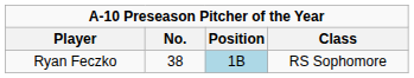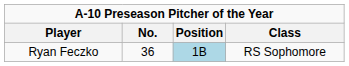 <table class="wikitable" style="text-align:center">
 <tr>
 <td colspan="5"><strong>A-10 Preseason Pitcher of the Year</strong></td>
 </tr>
 <tr>
 <th style="width:150px; ">Player</th>
 <th style="width:60px; ">No.</th>
 <th style="width:60px; ">Position</th>
 <th style="width:150px; ">Class</th>
 </tr>
 <tr>
 <td>Ryan Feczko</td>
-<td>38</td>
+<td>36</td>
 <td style="background: lightblue;">1B</td>
 <td>RS Sophomore</td>
 </tr>
 </table>
